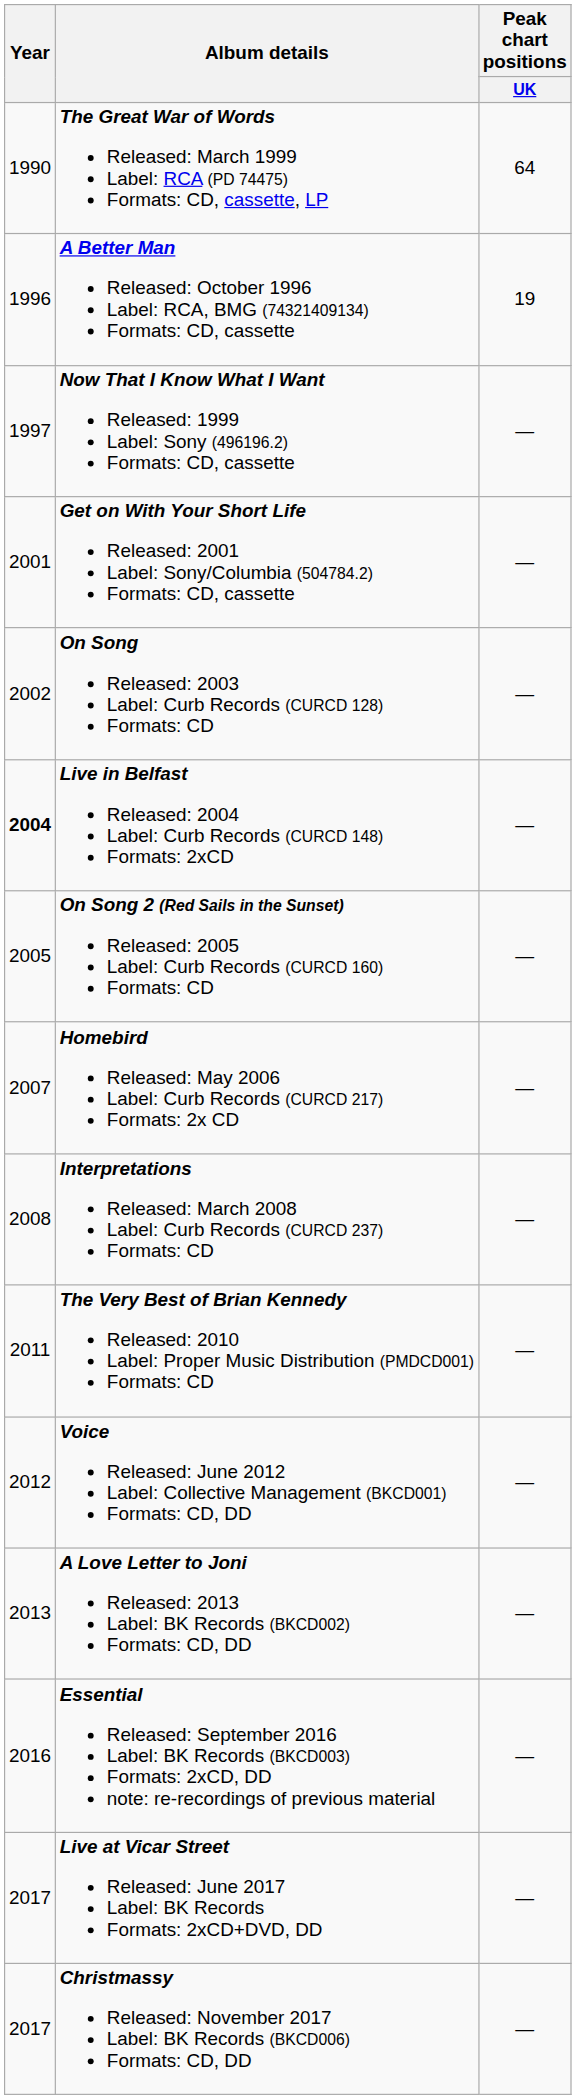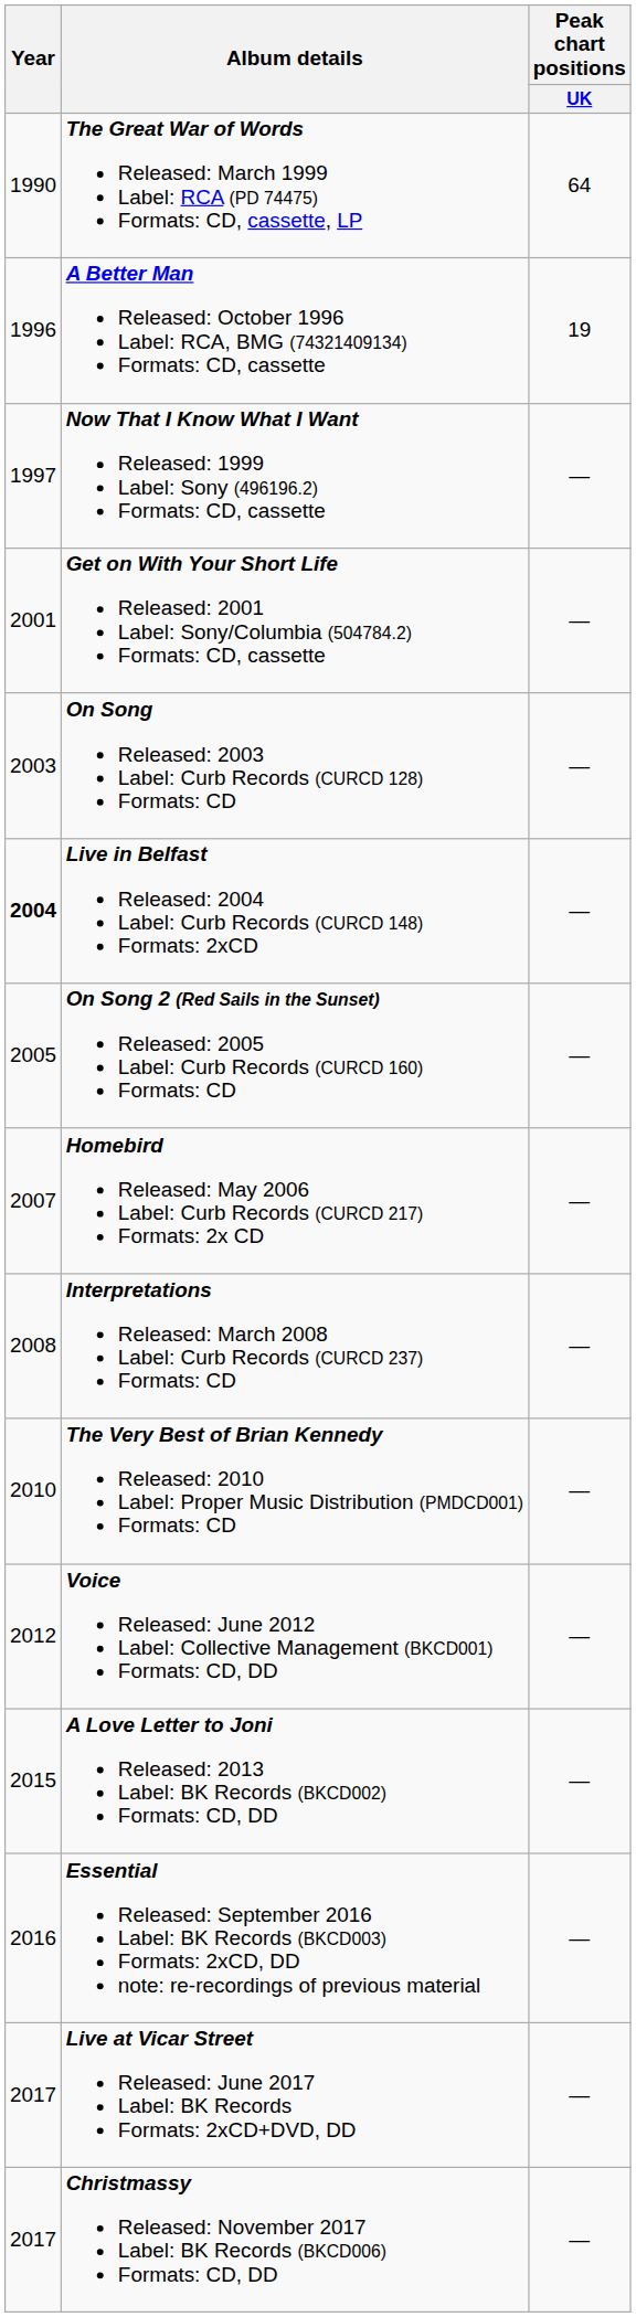 <table class="wikitable" style=text-align:center;>
 <tr>
 <th rowspan="2">Year</th>
 <th rowspan="2">Album details</th>
 <th colspan="1">Peak chart positions</th>
 </tr>
 <tr>
 <th style="width:3em;font-size:85%"><a href='#'>UK</a><br></th>
 </tr>
 <tr>
 <td>1990</td>
 <td align=left><strong><em>The Great War of Words</em></strong><br><ul><li>Released: March 1999</li><li>Label: <a href='#'>RCA</a> <small>(PD 74475)</small></li><li>Formats: CD, <a href='#'>cassette</a>, <a href='#'>LP</a></li></ul></td>
 <td>64</td>
 </tr>
 <tr>
 <td>1996</td>
 <td align=left><strong><em><a href='#'>A Better Man</a></em></strong><br><ul><li>Released: October 1996</li><li>Label: RCA, BMG <small>(74321409134)</small></li><li>Formats: CD, cassette</li></ul></td>
 <td>19</td>
 </tr>
 <tr>
 <td>1997</td>
 <td align=left><strong><em>Now That I Know What I Want</em></strong><br><ul><li>Released: 1999</li><li>Label: Sony <small>(496196.2)</small></li><li>Formats: CD, cassette</li></ul></td>
 <td>—</td>
 </tr>
 <tr>
 <td>2001</td>
 <td align=left><strong><em>Get on With Your Short Life</em></strong><br><ul><li>Released: 2001</li><li>Label: Sony/Columbia <small>(504784.2)</small></li><li>Formats: CD, cassette</li></ul></td>
 <td>—</td>
 </tr>
 <tr>
-<td>2002</td>
+<td>2003</td>
 <td align=left><strong><em>On Song</em></strong><br><ul><li>Released: 2003</li><li>Label: Curb Records <small>(CURCD 128)</small></li><li>Formats: CD</li></ul></td>
 <td>—</td>
 </tr>
 <tr>
 <td><strong>2004</strong></td>
 <td align=left><strong><em>Live in Belfast</em></strong><br><ul><li>Released: 2004</li><li>Label: Curb Records <small>(CURCD 148)</small></li><li>Formats: 2xCD</li></ul></td>
 <td>—</td>
 </tr>
 <tr>
 <td>2005</td>
 <td align=left><strong><em>On Song 2 <small>(Red Sails in the Sunset)</small></em></strong><br><ul><li>Released: 2005</li><li>Label: Curb Records <small>(CURCD 160)</small></li><li>Formats: CD</li></ul></td>
 <td>—</td>
 </tr>
 <tr>
 <td>2007</td>
 <td align=left><strong><em>Homebird</em></strong><br><ul><li>Released: May 2006</li><li>Label: Curb Records <small>(CURCD 217)</small></li><li>Formats: 2x CD</li></ul></td>
 <td>—</td>
 </tr>
 <tr>
 <td>2008</td>
 <td align=left><strong><em>Interpretations</em></strong><br><ul><li>Released: March 2008</li><li>Label: Curb Records <small>(CURCD 237)</small></li><li>Formats: CD</li></ul></td>
 <td>—</td>
 </tr>
 <tr>
-<td>2011</td>
+<td>2010</td>
 <td align=left><strong><em>The Very Best of Brian Kennedy</em></strong><br><ul><li>Released: 2010</li><li>Label: Proper Music Distribution <small>(PMDCD001)</small></li><li>Formats: CD</li></ul></td>
 <td>—</td>
 </tr>
 <tr>
 <td>2012</td>
 <td align=left><strong><em>Voice</em></strong><br><ul><li>Released: June 2012</li><li>Label: Collective Management <small>(BKCD001)</small></li><li>Formats: CD, DD</li></ul></td>
 <td>—</td>
 </tr>
 <tr>
-<td>2013</td>
+<td>2015</td>
 <td align=left><strong><em>A Love Letter to Joni</em></strong><br><ul><li>Released: 2013</li><li>Label: BK Records <small>(BKCD002)</small></li><li>Formats: CD, DD</li></ul></td>
 <td>—</td>
 </tr>
 <tr>
 <td>2016</td>
 <td align=left><strong><em>Essential</em></strong><br><ul><li>Released: September 2016</li><li>Label: BK Records <small>(BKCD003)</small></li><li>Formats: 2xCD, DD</li><li>note: re-recordings of previous material</li></ul></td>
 <td>—</td>
 </tr>
 <tr>
 <td>2017</td>
 <td align=left><strong><em>Live at Vicar Street</em></strong><br><ul><li>Released: June 2017</li><li>Label: BK Records</li><li>Formats: 2xCD+DVD, DD</li></ul></td>
 <td>—</td>
 </tr>
 <tr>
 <td>2017</td>
 <td align=left><strong><em>Christmassy</em></strong><br><ul><li>Released: November 2017</li><li>Label: BK Records <small>(BKCD006)</small></li><li>Formats: CD, DD</li></ul></td>
 <td>—</td>
 </tr>
 </table>
